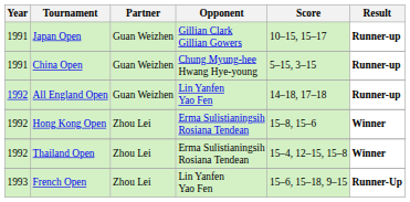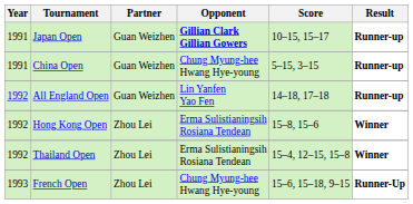 <table class="sortable wikitable" style="font-size: 90%;">
 <tr>
 <th>Year</th>
 <th>Tournament</th>
 <th>Partner</th>
 <th>Opponent</th>
 <th>Score</th>
 <th>Result</th>
 </tr>
 <tr style="background:#D4F1C5">
 <td align="center">1991</td>
 <td align="left"><a href='#'>Japan Open</a></td>
 <td align="left"> Guan Weizhen</td>
-<td align="left"> <a href='#'>Gillian Clark</a> <br> <a href='#'>Gillian Gowers</a></td>
+<td align="left"><strong> <a href='#'>Gillian Clark</a> <br> <a href='#'>Gillian Gowers</a></strong></td>
 <td align="left">10–15, 15–17</td>
 <td style="text-align:left; background:white"> <strong>Runner-up</strong></td>
 </tr>
 <tr>
 </tr>
 <tr style="background:#D4F1C5">
 <td align="center">1991</td>
 <td align="left"><a href='#'>China Open</a></td>
 <td align="left"> Guan Weizhen</td>
 <td align="left"> <a href='#'>Chung Myung-hee</a> <br> Hwang Hye-young</td>
 <td align="left">5–15, 3–15</td>
 <td style="text-align:left; background:white"> <strong>Runner-up</strong></td>
 </tr>
 <tr>
 </tr>
 <tr style="background:#D4F1C5">
 <td align="center"><a href='#'>1992</a></td>
 <td align="left"><a href='#'>All England Open</a></td>
 <td align="left"> Guan Weizhen</td>
 <td align="left"> <a href='#'>Lin Yanfen</a> <br> <a href='#'>Yao Fen</a></td>
 <td align="left">14–18, 17–18</td>
 <td style="text-align:left; background:white"> <strong>Runner-up</strong></td>
 </tr>
 <tr>
 </tr>
 <tr style="background:#D4F1C5">
 <td align="center">1992</td>
 <td align="left"><a href='#'>Hong Kong Open</a></td>
 <td align="left"> Zhou Lei</td>
 <td align="left"> <a href='#'>Erma Sulistianingsih</a> <br> <a href='#'>Rosiana Tendean</a></td>
 <td align="left">15–8, 15–6</td>
 <td style="text-align:left; background:white"> <strong>Winner</strong></td>
 </tr>
 <tr>
 </tr>
 <tr style="background:#D4F1C5">
 <td align="center">1992</td>
 <td align="left"><a href='#'>Thailand Open</a></td>
 <td align="left"> Zhou Lei</td>
 <td align="left"> Erma Sulistianingsih <br> Rosiana Tendean</td>
 <td align="left">15–4, 12–15, 15–8</td>
 <td style="text-align:left; background:white"> <strong>Winner</strong></td>
 </tr>
 <tr>
 </tr>
 <tr style="background:#D4F1C5">
 <td align="center">1993</td>
 <td align="left"><a href='#'>French Open</a></td>
 <td align="left"> Zhou Lei</td>
-<td align="left"> Lin Yanfen <br> Yao Fen</td>
+<td align="left"> <a href='#'>Chung Myung-hee</a> <br> Hwang Hye-young</td>
 <td align="left">15–6, 15–18, 9–15</td>
 <td style="text-align:left; background:white"> <strong>Runner-Up</strong></td>
 </tr>
 </table>
